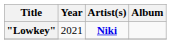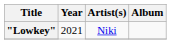 <table class="wikitable sortable plainrowheaders" style="text-align: center;">
 <tr>
 <th>Title</th>
 <th>Year</th>
 <th>Artist(s)</th>
 <th>Album</th>
 </tr>
 <tr>
 <th scope="row">"Lowkey"</th>
 <td rowspan="2">2021</td>
-<td><strong><a href='#'>Niki</a></strong></td>
+<td><a href='#'>Niki</a></td>
 <td></td>
 </tr>
 <tr>
 </tr>
 </table>
